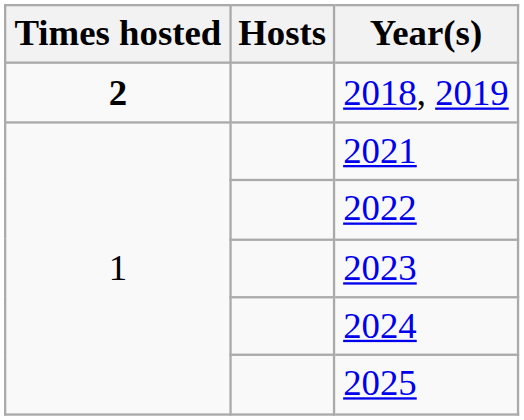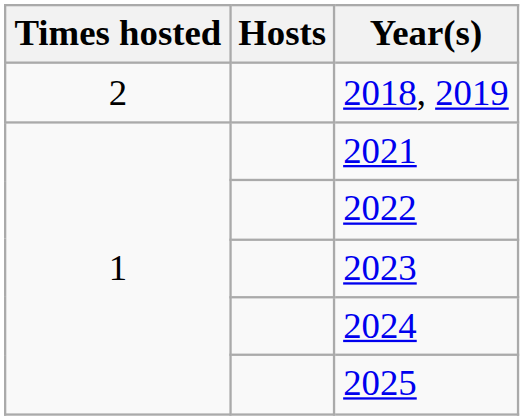 <table class="wikitable" style="margin:0 auto;">
 <tr>
 <th>Times hosted</th>
 <th>Hosts</th>
 <th>Year(s)</th>
 </tr>
 <tr>
-<td style="text-align:center;"><strong>2</strong></td>
+<td style="text-align:center;">2</td>
 <td></td>
 <td><a href='#'>2018</a>, <a href='#'>2019</a></td>
 </tr>
 <tr>
 <td rowspan="5" style="text-align:center;">1</td>
 <td></td>
 <td><a href='#'>2021</a></td>
 </tr>
 <tr>
 <td></td>
 <td><a href='#'>2022</a></td>
 </tr>
 <tr>
 <td></td>
 <td><a href='#'>2023</a></td>
 </tr>
 <tr>
 <td></td>
 <td><a href='#'>2024</a></td>
 </tr>
 <tr>
 <td></td>
 <td><a href='#'>2025</a></td>
 </tr>
 </table>
